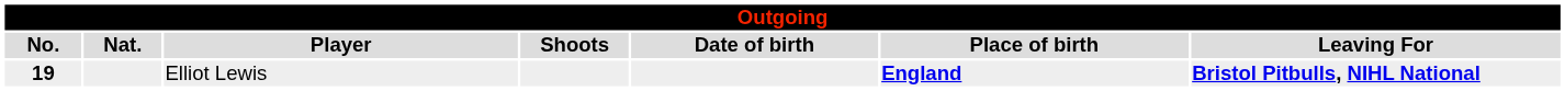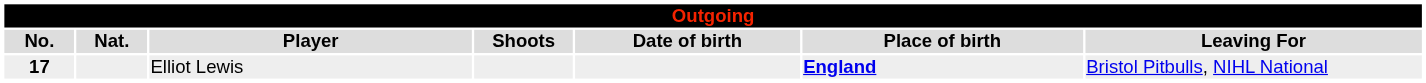 <table class="toccolours" style="width:97%; clear:both; margin:1.5em auto; text-align:center;">
 <tr>
 <th colspan="7" style="background:black; color:#f42300;”">Outgoing</th>
 </tr>
 <tr style="background:#ddd;">
 <th width="5%">No.</th>
 <th width="5%">Nat.</th>
 <th>Player</th>
 <th width="7%">Shoots</th>
 <th width="16%">Date of birth</th>
 <th width="20%">Place of birth</th>
 <th width="24%">Leaving For</th>
 </tr>
 <tr style="background:#eee;">
-<td><strong>19</strong></td>
+<td><strong>17</strong></td>
 <td></td>
 <td align=left>Elliot Lewis</td>
 <td></td>
 <td align=left></td>
 <td align=left><strong><a href='#'>England</a></strong></td>
-<td align=left><strong><a href='#'>Bristol Pitbulls</a>, <a href='#'>NIHL National</a></strong></td>
+<td align=left><a href='#'>Bristol Pitbulls</a>, <a href='#'>NIHL National</a></td>
 </tr>
 </table>
